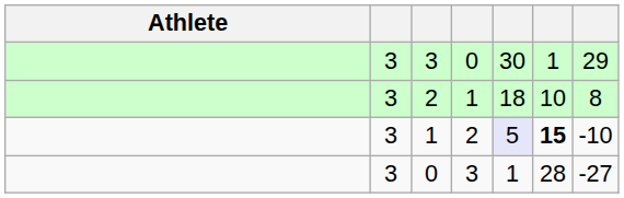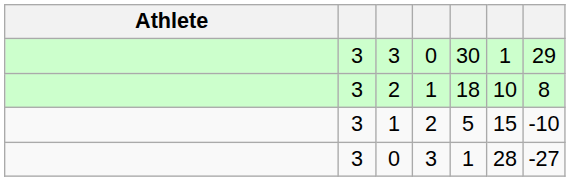 <table class="wikitable" style="text-align:center;">
 <tr>
 <th width=240>Athlete</th>
 <th width=20></th>
 <th width=20></th>
 <th width=20></th>
 <th width=20></th>
 <th width=20></th>
 <th width=20></th>
 </tr>
 <tr bgcolor=ccffcc>
 <td align="left"></td>
 <td>3</td>
 <td>3</td>
 <td>0</td>
 <td>30</td>
 <td>1</td>
 <td>29</td>
 </tr>
 <tr bgcolor=ccffcc>
 <td align="left"></td>
 <td>3</td>
 <td>2</td>
 <td>1</td>
 <td>18</td>
 <td>10</td>
 <td>8</td>
 </tr>
 <tr>
 <td align="left"></td>
 <td>3</td>
 <td>1</td>
 <td>2</td>
-<td style="background: lavender;">5</td>
-<td><strong>15</strong></td>
+<td>5</td>
+<td>15</td>
 <td>-10</td>
 </tr>
 <tr>
 <td align="left"></td>
 <td>3</td>
 <td>0</td>
 <td>3</td>
 <td>1</td>
 <td>28</td>
 <td>-27</td>
 </tr>
 </table>
